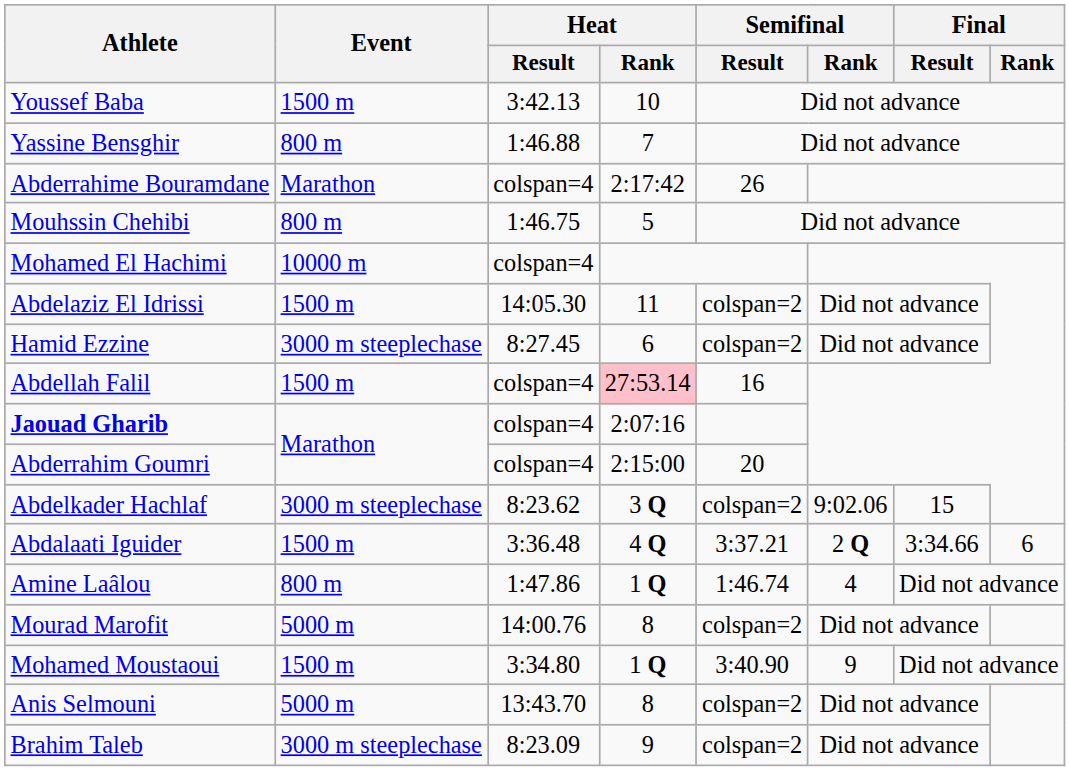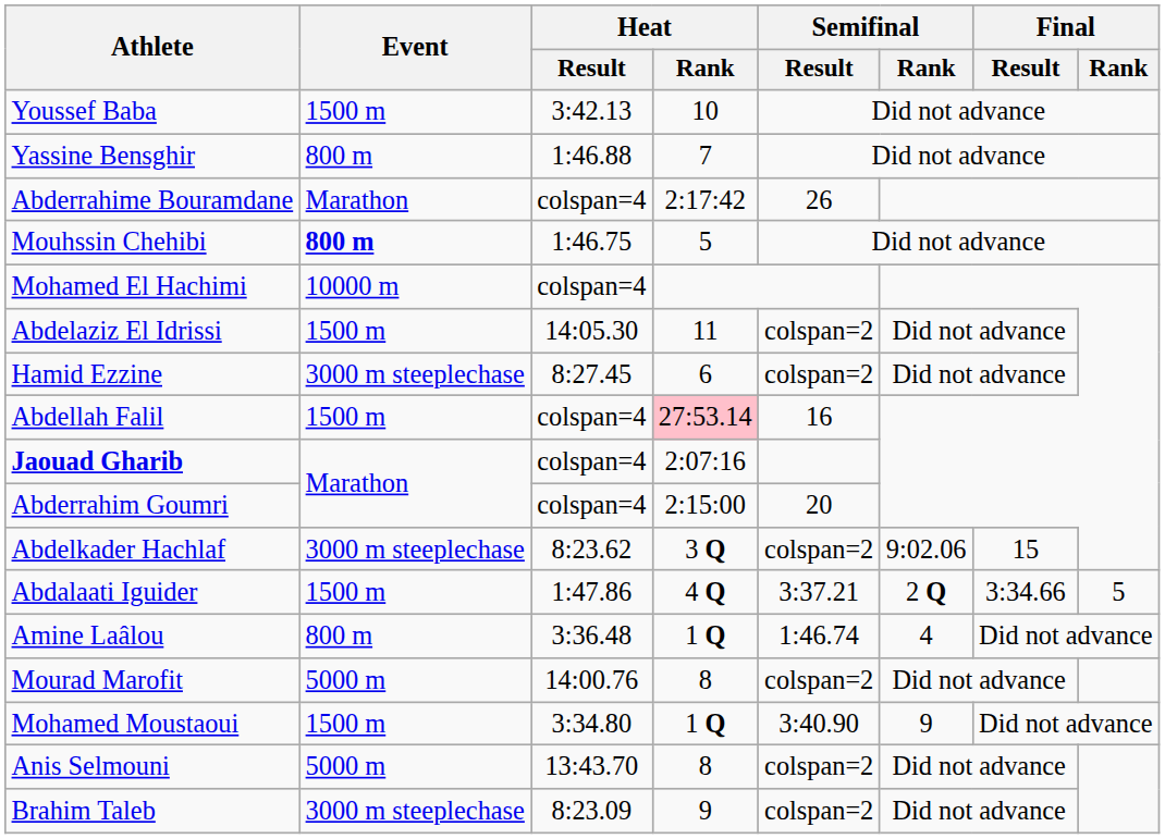 <table class=wikitable style="font-size:90%">
 <tr>
 <th rowspan="2">Athlete</th>
 <th rowspan="2">Event</th>
 <th colspan="2">Heat</th>
 <th colspan="2">Semifinal</th>
 <th colspan="2">Final</th>
 </tr>
 <tr style="font-size:95%">
 <th>Result</th>
 <th>Rank</th>
 <th>Result</th>
 <th>Rank</th>
 <th>Result</th>
 <th>Rank</th>
 </tr>
 <tr align=center>
 <td align=left><a href='#'>Youssef Baba</a></td>
 <td align=left><a href='#'>1500 m</a></td>
 <td>3:42.13</td>
 <td>10</td>
 <td colspan=4>Did not advance</td>
 </tr>
 <tr align=center>
 <td align=left><a href='#'>Yassine Bensghir</a></td>
 <td align=left><a href='#'>800 m</a></td>
 <td>1:46.88</td>
 <td>7</td>
 <td colspan=4>Did not advance</td>
 </tr>
 <tr align=center>
 <td align=left><a href='#'>Abderrahime Bouramdane</a></td>
 <td align=left><a href='#'>Marathon</a></td>
 <td>colspan=4 </td>
 <td>2:17:42</td>
 <td>26</td>
 </tr>
 <tr align=center>
 <td align=left><a href='#'>Mouhssin Chehibi</a></td>
-<td align=left><a href='#'>800 m</a></td>
+<td align=left><strong><a href='#'>800 m</a></strong></td>
 <td>1:46.75</td>
 <td>5</td>
 <td colspan=4>Did not advance</td>
 </tr>
 <tr align=center>
 <td align=left><a href='#'>Mohamed El Hachimi</a></td>
 <td align=left><a href='#'>10000 m</a></td>
 <td>colspan=4 </td>
 <td colspan=2></td>
 </tr>
 <tr align=center>
 <td align=left><a href='#'>Abdelaziz El Idrissi</a></td>
 <td align=left><a href='#'>1500 m</a></td>
 <td>14:05.30</td>
 <td>11</td>
 <td>colspan=2 </td>
 <td colspan=2>Did not advance</td>
 </tr>
 <tr align=center>
 <td align=left><a href='#'>Hamid Ezzine</a></td>
 <td align=left><a href='#'>3000 m steeplechase</a></td>
 <td>8:27.45</td>
 <td>6</td>
 <td>colspan=2 </td>
 <td colspan=2>Did not advance</td>
 </tr>
 <tr align=center>
 <td align=left><a href='#'>Abdellah Falil</a></td>
 <td align=left><a href='#'>1500 m</a></td>
 <td>colspan=4 </td>
 <td style="background: pink;">27:53.14</td>
 <td>16</td>
 </tr>
 <tr align=center>
 <td align=left><strong><a href='#'>Jaouad Gharib</a></strong></td>
 <td align=left rowspan=2><a href='#'>Marathon</a></td>
 <td>colspan=4 </td>
 <td>2:07:16</td>
 <td></td>
 </tr>
 <tr align=center>
 <td align=left><a href='#'>Abderrahim Goumri</a></td>
 <td>colspan=4 </td>
 <td>2:15:00</td>
 <td>20</td>
 </tr>
 <tr align=center>
 <td align=left><a href='#'>Abdelkader Hachlaf</a></td>
 <td align=left><a href='#'>3000 m steeplechase</a></td>
 <td>8:23.62</td>
 <td>3 <strong>Q</strong></td>
 <td>colspan=2 </td>
 <td>9:02.06</td>
 <td>15</td>
 </tr>
 <tr align=center>
 <td align=left><a href='#'>Abdalaati Iguider</a></td>
 <td align=left><a href='#'>1500 m</a></td>
-<td>3:36.48</td>
+<td>1:47.86</td>
 <td>4 <strong>Q</strong></td>
 <td>3:37.21</td>
 <td>2 <strong>Q</strong></td>
 <td>3:34.66</td>
-<td>6</td>
+<td>5</td>
 </tr>
 <tr align=center>
 <td align=left><a href='#'>Amine Laâlou</a></td>
 <td align=left><a href='#'>800 m</a></td>
-<td>1:47.86</td>
+<td>3:36.48</td>
 <td>1 <strong>Q</strong></td>
 <td>1:46.74</td>
 <td>4</td>
 <td colspan=2>Did not advance</td>
 </tr>
 <tr align=center>
 <td align=left><a href='#'>Mourad Marofit</a></td>
 <td align=left><a href='#'>5000 m</a></td>
 <td>14:00.76</td>
 <td>8</td>
 <td>colspan=2 </td>
 <td colspan=2>Did not advance</td>
 </tr>
 <tr align=center>
 <td align=left><a href='#'>Mohamed Moustaoui</a></td>
 <td align=left><a href='#'>1500 m</a></td>
 <td>3:34.80</td>
 <td>1 <strong>Q</strong></td>
 <td>3:40.90</td>
 <td>9</td>
 <td colspan=2>Did not advance</td>
 </tr>
 <tr align=center>
 <td align=left><a href='#'>Anis Selmouni</a></td>
 <td align=left><a href='#'>5000 m</a></td>
 <td>13:43.70</td>
 <td>8</td>
 <td>colspan=2 </td>
 <td colspan=2>Did not advance</td>
 </tr>
 <tr align=center>
 <td align=left><a href='#'>Brahim Taleb</a></td>
 <td align=left><a href='#'>3000 m steeplechase</a></td>
 <td>8:23.09</td>
 <td>9</td>
 <td>colspan=2 </td>
 <td colspan=2>Did not advance</td>
 </tr>
 </table>
